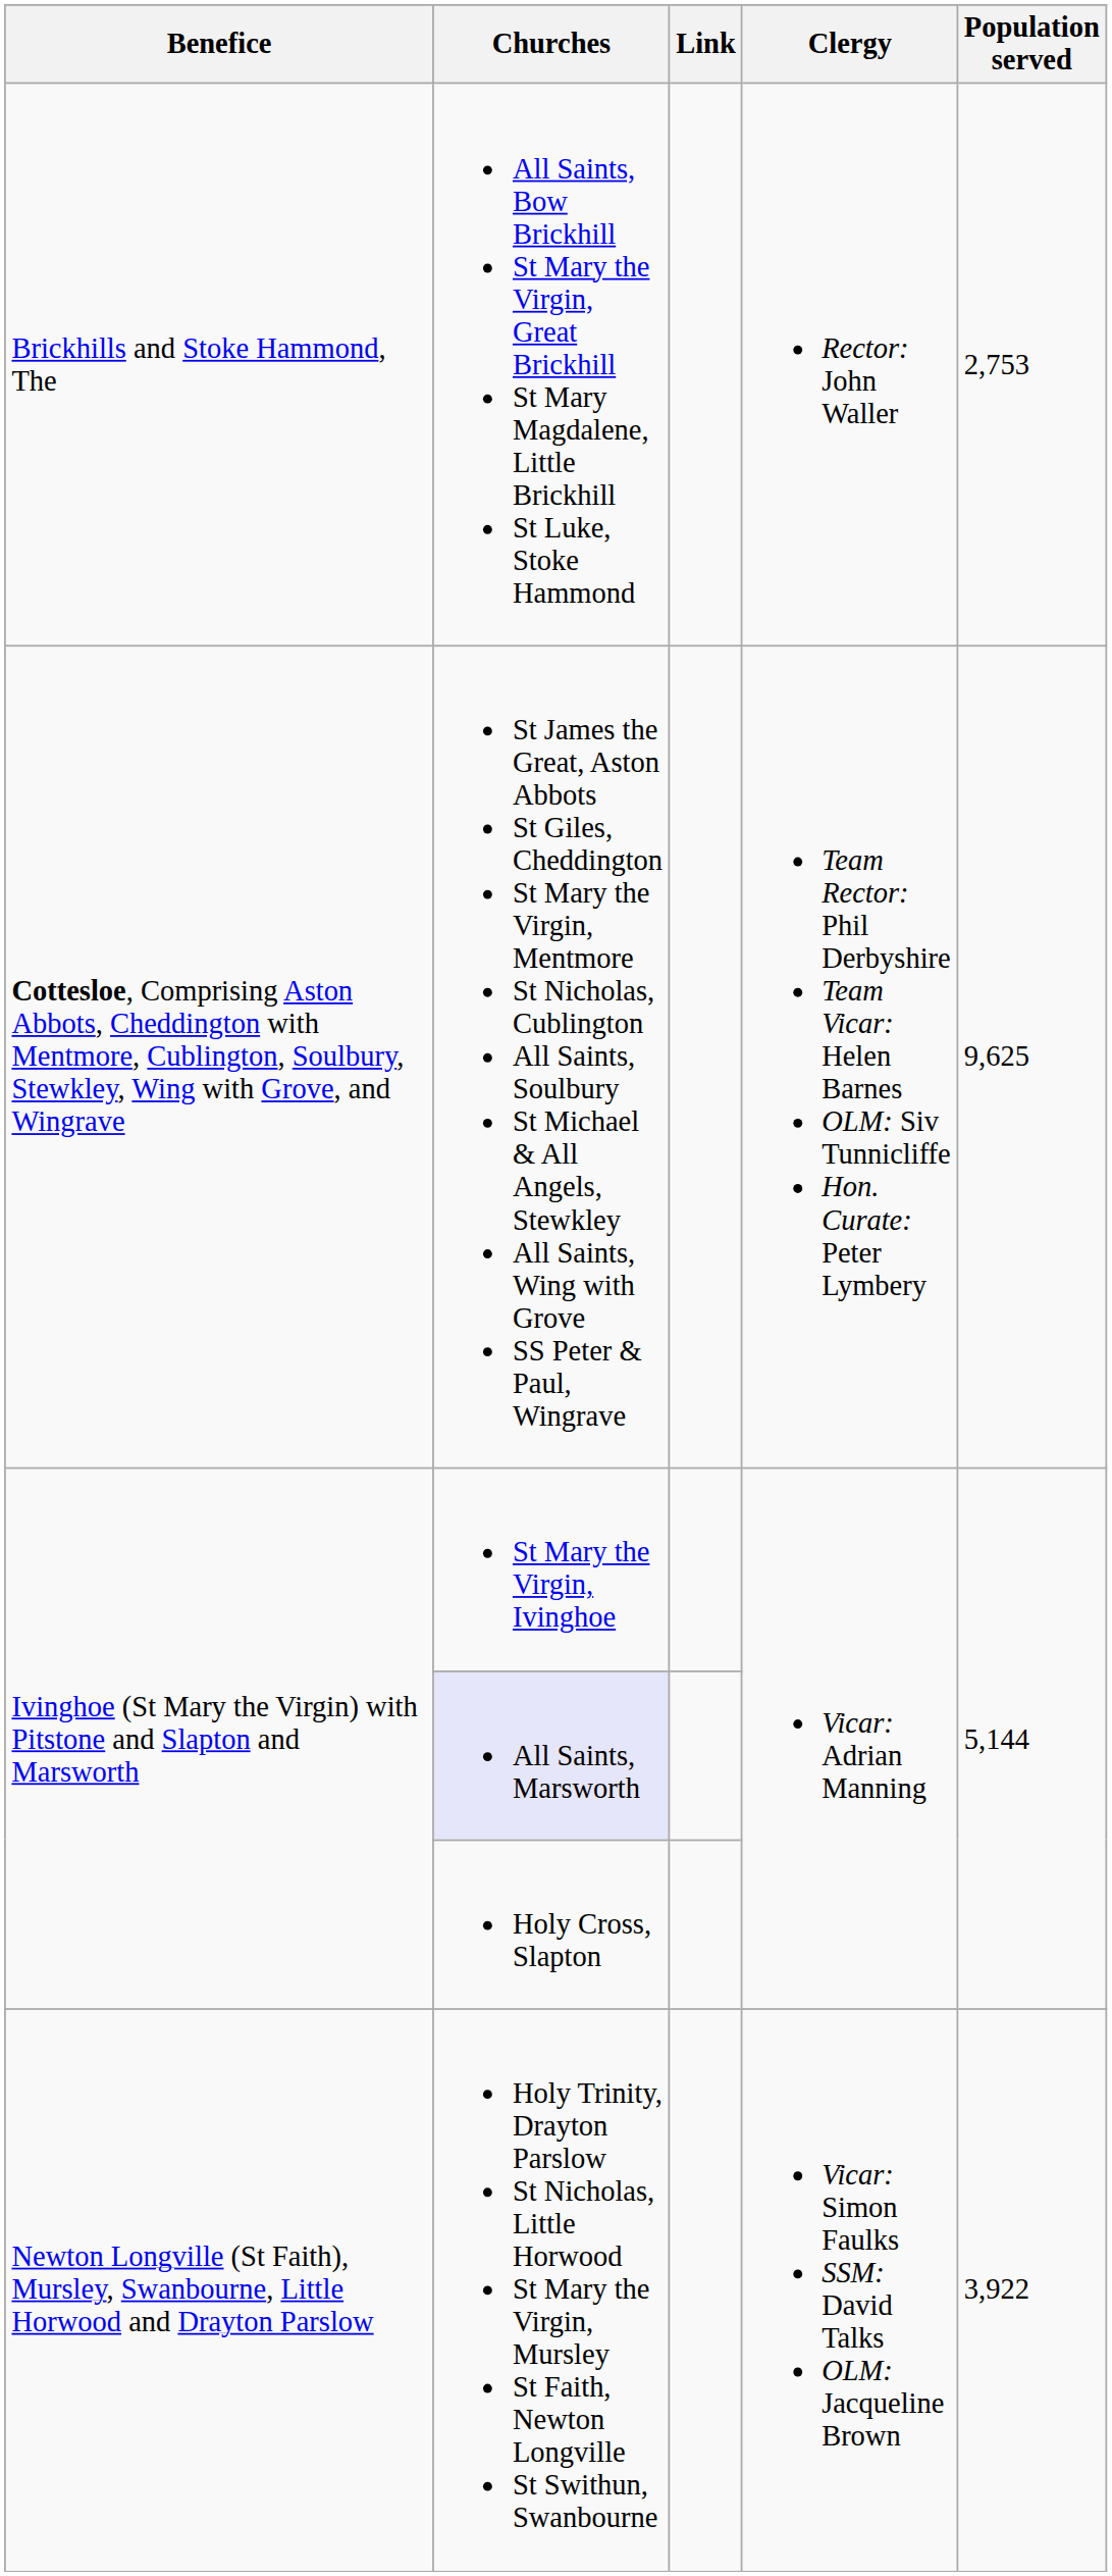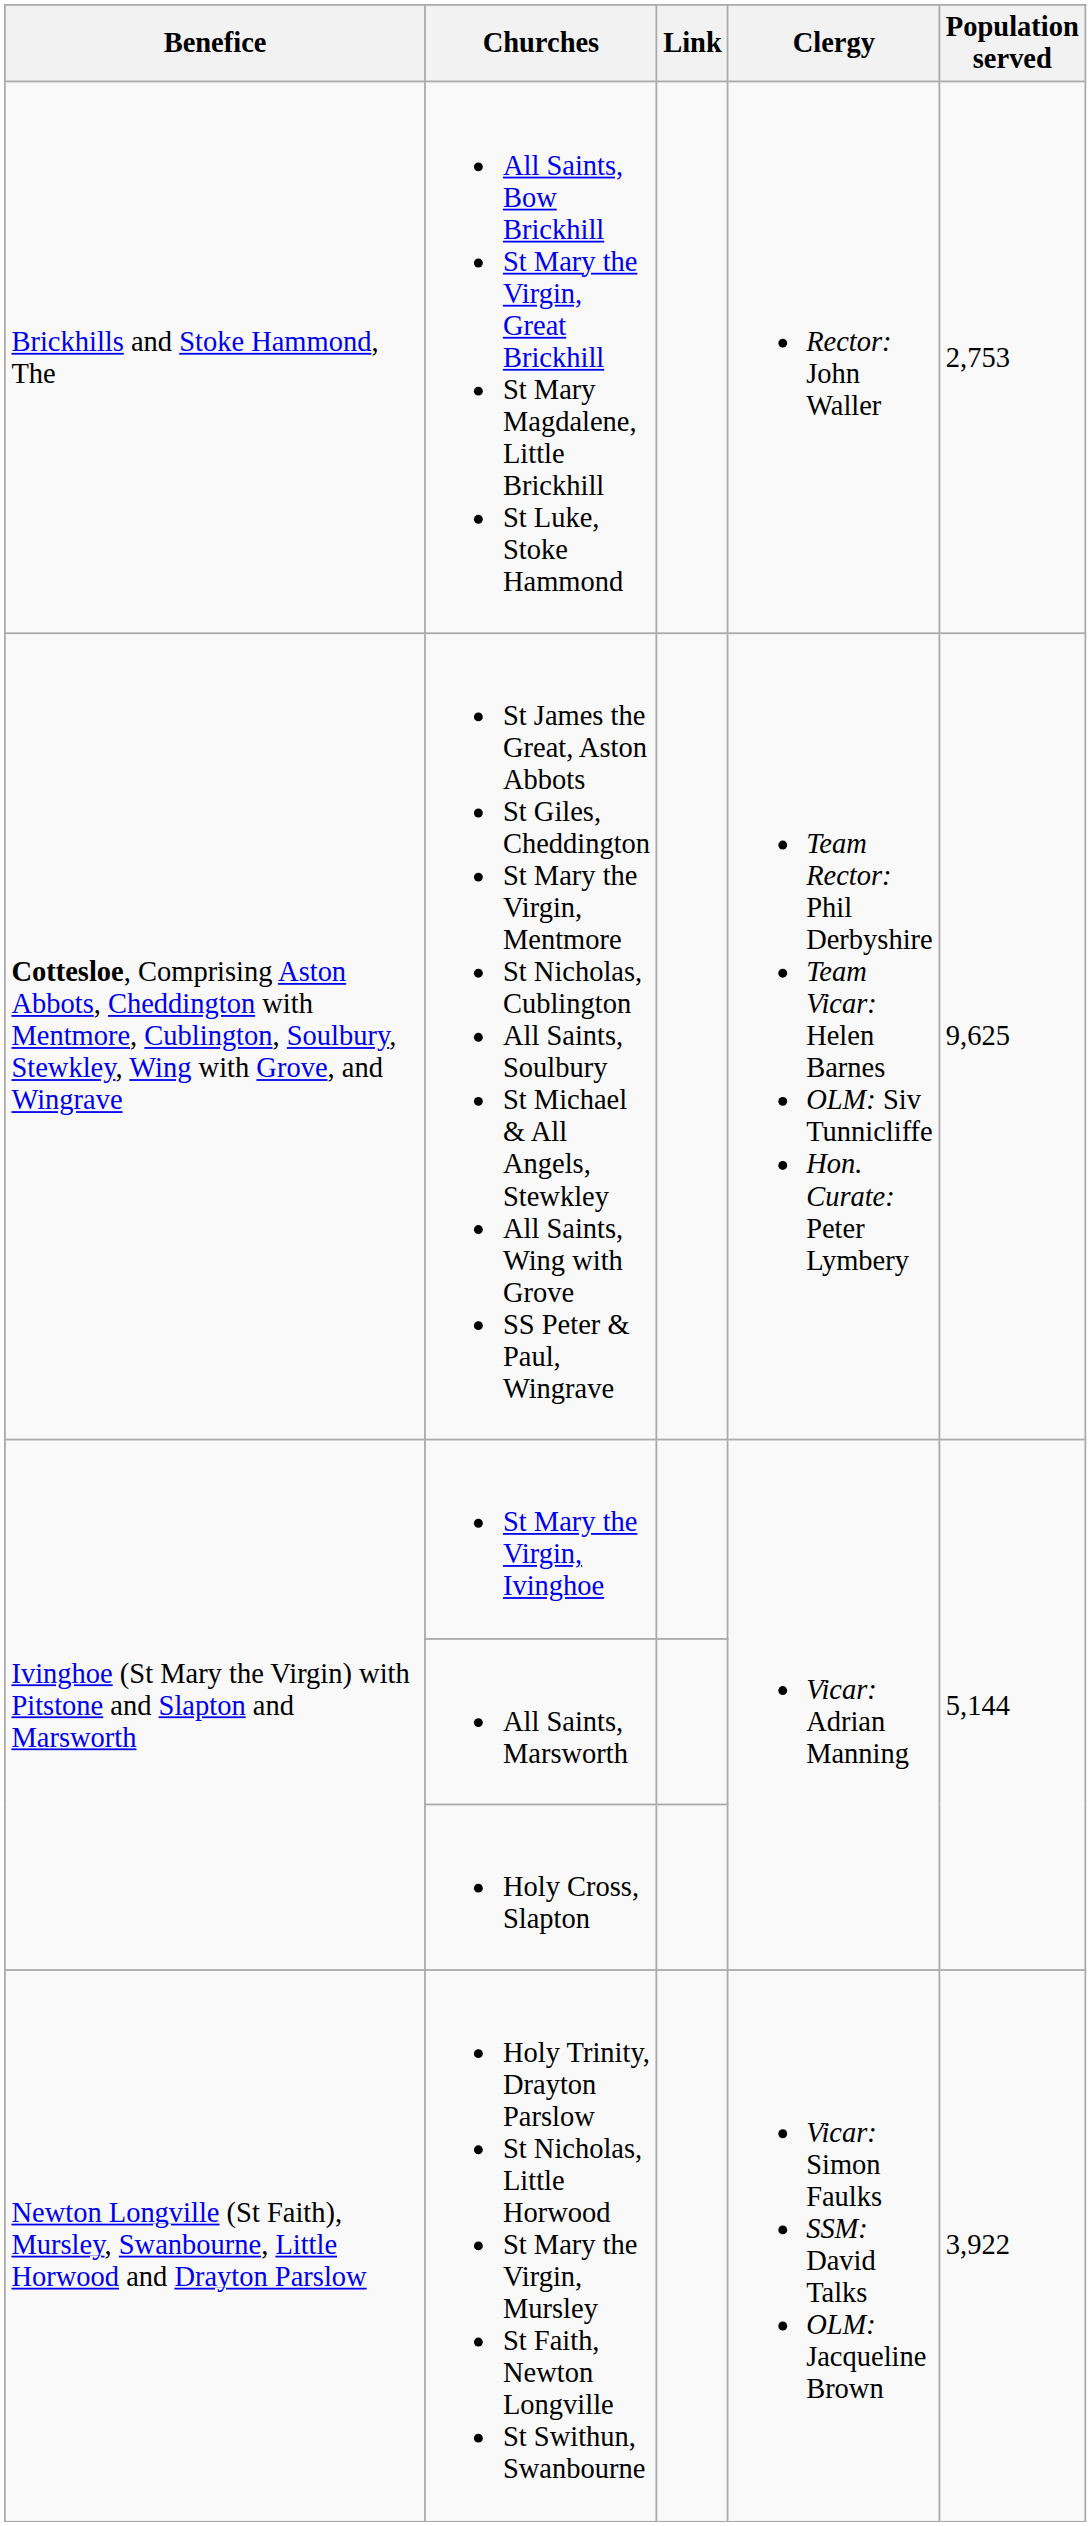 <table class="wikitable">
 <tr>
 <th width="425">Benefice</th>
 <th>Churches</th>
 <th>Link</th>
 <th>Clergy</th>
 <th>Population served</th>
 </tr>
 <tr>
 <td><a href='#'>Brickhills</a> and <a href='#'>Stoke Hammond</a>, The</td>
 <td><br><ul><li><a href='#'>All Saints, Bow Brickhill</a></li><li><a href='#'>St Mary the Virgin, Great Brickhill</a></li><li>St Mary Magdalene, Little Brickhill</li><li>St Luke, Stoke Hammond</li></ul></td>
 <td></td>
 <td><br><ul><li><em>Rector:</em> John Waller</li></ul></td>
 <td>2,753</td>
 </tr>
 <tr>
 <td><strong>Cottesloe</strong>, Comprising <a href='#'>Aston Abbots</a>, <a href='#'>Cheddington</a> with <a href='#'>Mentmore</a>, <a href='#'>Cublington</a>, <a href='#'>Soulbury</a>, <a href='#'>Stewkley</a>, <a href='#'>Wing</a> with <a href='#'>Grove</a>, and <a href='#'>Wingrave</a></td>
 <td><br><ul><li>St James the Great, Aston Abbots</li><li>St Giles, Cheddington</li><li>St Mary the Virgin, Mentmore</li><li>St Nicholas, Cublington</li><li>All Saints, Soulbury</li><li>St Michael & All Angels, Stewkley</li><li>All Saints, Wing with Grove</li><li>SS Peter & Paul, Wingrave</li></ul></td>
 <td></td>
 <td><br><ul><li><em>Team Rector:</em> Phil Derbyshire</li><li><em>Team Vicar:</em> Helen Barnes</li><li><em>OLM:</em> Siv Tunnicliffe</li><li><em>Hon. Curate:</em> Peter Lymbery</li></ul></td>
 <td>9,625</td>
 </tr>
 <tr>
 <td rowspan="3"><a href='#'>Ivinghoe</a> (St Mary the Virgin) with <a href='#'>Pitstone</a> and <a href='#'>Slapton</a> and <a href='#'>Marsworth</a></td>
 <td><br><ul><li><a href='#'>St Mary the Virgin, Ivinghoe</a></li></ul></td>
 <td></td>
 <td rowspan="3"><br><ul><li><em>Vicar:</em> Adrian Manning</li></ul></td>
 <td rowspan="3">5,144</td>
 </tr>
 <tr>
-<td style="background: lavender;"><br><ul><li>All Saints, Marsworth</li></ul></td>
+<td><br><ul><li>All Saints, Marsworth</li></ul></td>
 <td></td>
 </tr>
 <tr>
 <td><br><ul><li>Holy Cross, Slapton</li></ul></td>
 <td></td>
 </tr>
 <tr>
 <td><a href='#'>Newton Longville</a> (St Faith), <a href='#'>Mursley</a>, <a href='#'>Swanbourne</a>, <a href='#'>Little Horwood</a> and <a href='#'>Drayton Parslow</a></td>
 <td><br><ul><li>Holy Trinity, Drayton Parslow</li><li>St Nicholas, Little Horwood</li><li>St Mary the Virgin, Mursley</li><li>St Faith, Newton Longville</li><li>St Swithun, Swanbourne</li></ul></td>
 <td></td>
 <td><br><ul><li><em>Vicar:</em> Simon Faulks</li><li><em>SSM:</em> David Talks</li><li><em>OLM:</em> Jacqueline Brown</li></ul></td>
 <td>3,922</td>
 </tr>
 </table>
